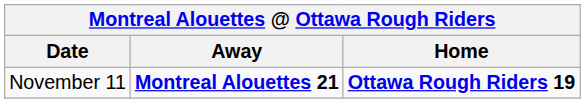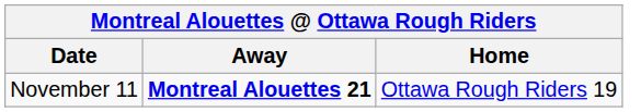 <table class="wikitable">
 <tr>
 <th colspan="4"><a href='#'>Montreal Alouettes</a> @ <a href='#'>Ottawa Rough Riders</a></th>
 </tr>
 <tr>
 <th>Date</th>
 <th>Away</th>
 <th>Home</th>
 </tr>
 <tr>
 <td>November 11</td>
 <td><strong><a href='#'>Montreal Alouettes</a> 21</strong></td>
-<td><strong><a href='#'>Ottawa Rough Riders</a> 19</strong></td>
+<td><a href='#'>Ottawa Rough Riders</a> 19</td>
 </tr>
 </table>
